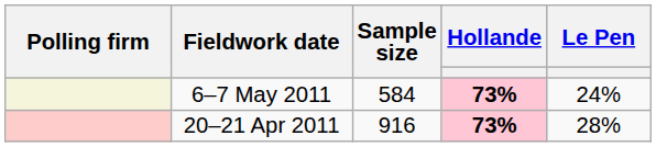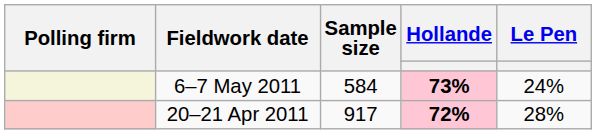 <table class="wikitable sortable" style="text-align:center;font-size:90%;line-height:14px;">
 <tr style="height:40px;">
 <th style="width:100px;" rowspan="2">Polling firm</th>
 <th style="width:110px;" rowspan="2">Fieldwork date</th>
 <th style="width:35px;" rowspan="2">Sample<br>size</th>
 <th class="unsortable" style="width:60px;"><a href='#'>Hollande</a><br></th>
 <th class="unsortable" style="width:60px;"><a href='#'>Le Pen</a><br></th>
 </tr>
 <tr>
 <th style="background:"></th>
 <th style="background:"></th>
 </tr>
 <tr>
 <td style="background:beige;"></td>
 <td data-sort-value="2011-05-07">6–7 May 2011</td>
 <td>584</td>
 <td style="background:#FFC6D5;"><strong>73%</strong></td>
 <td>24%</td>
 </tr>
 <tr>
 <td style="background:#FFCCCC;"></td>
 <td data-sort-value="2011-04-21">20–21 Apr 2011</td>
-<td>916</td>
-<td style="background:#FFC6D5;"><strong>73%</strong></td>
+<td>917</td>
+<td style="background:#FFC6D5;"><strong>72%</strong></td>
 <td>28%</td>
 </tr>
 </table>
